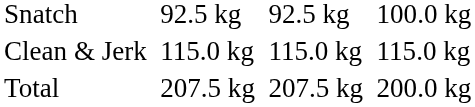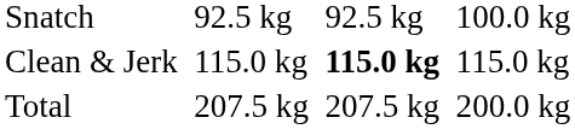 <table>
 <tr>
 <td>Snatch</td>
 <td></td>
 <td>92.5 kg</td>
 <td></td>
 <td>92.5 kg</td>
 <td></td>
 <td>100.0 kg</td>
 </tr>
 <tr>
 <td>Clean & Jerk</td>
 <td></td>
 <td>115.0 kg</td>
 <td></td>
-<td>115.0 kg</td>
+<td><strong>115.0 kg</strong></td>
 <td></td>
 <td>115.0 kg</td>
 </tr>
 <tr>
 <td>Total</td>
 <td></td>
 <td>207.5 kg</td>
 <td></td>
 <td>207.5 kg</td>
 <td></td>
 <td>200.0 kg</td>
 </tr>
 </table>
